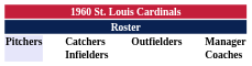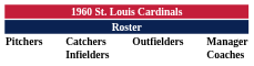 <table class="toccolours" style="font-size: 95%;">
 <tr>
 <th colspan="10" style="background-color: #c41e3a; color: white; text-align: center;">1960 St. Louis Cardinals</th>
 </tr>
 <tr>
 <td colspan="10" style="background-color: #0a2252; color: white; text-align: center;"><strong>Roster</strong></td>
 </tr>
 <tr>
-<td valign="top" style="background: lavender;"><strong>Pitchers</strong><br>               </td>
+<td valign="top"><strong>Pitchers</strong><br>               </td>
 <td width="25px"></td>
 <td valign="top"><strong>Catchers</strong><br>      <strong>Infielders</strong>             </td>
 <td width="25px"></td>
 <td valign="top"><strong>Outfielders</strong><br>           </td>
 <td width="25px"></td>
 <td valign="top"><strong>Manager</strong><br> <strong>Coaches</strong>     </td>
 </tr>
 </table>
